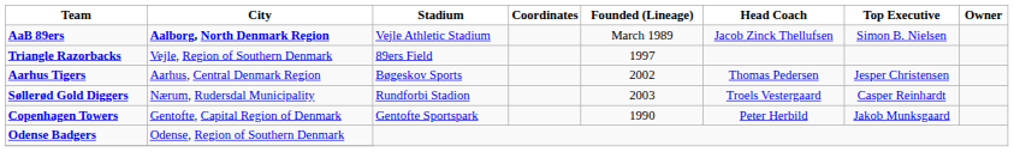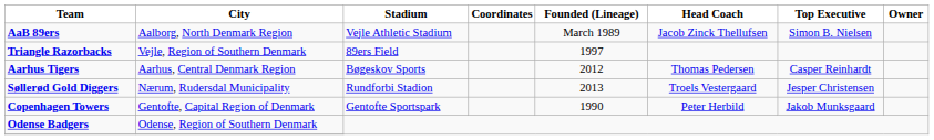 <table class="wikitable" style="width:100%; text-align:left">
 <tr>
 <th style="background:white;">Team</th>
 <th style="background:white;">City</th>
 <th style="background:white;">Stadium</th>
 <th style="background:white; width:50px">Coordinates</th>
 <th style="background:white;">Founded (Lineage)</th>
 <th style="background:white;">Head Coach</th>
 <th style="background:white;">Top Executive</th>
 <th style="background:white;">Owner</th>
 </tr>
 <tr>
 <td><strong><a href='#'>AaB 89ers</a></strong></td>
-<td><strong><a href='#'>Aalborg</a>, <a href='#'>North Denmark Region</a></strong></td>
+<td><a href='#'>Aalborg</a>, <a href='#'>North Denmark Region</a></td>
 <td><a href='#'>Vejle Athletic Stadium</a></td>
 <td></td>
 <td align=center>March 1989</td>
 <td align=center><a href='#'>Jacob Zinck Thellufsen</a></td>
 <td align=center><a href='#'>Simon B. Nielsen</a></td>
 <td></td>
 </tr>
 <tr>
 <td><strong><a href='#'>Triangle Razorbacks</a></strong></td>
 <td><a href='#'>Vejle</a>, <a href='#'>Region of Southern Denmark</a></td>
 <td><a href='#'>89ers Field</a></td>
 <td></td>
 <td align=center>1997</td>
 <td align=center></td>
 <td align=center></td>
 <td></td>
 </tr>
 <tr>
 <td><strong><a href='#'>Aarhus Tigers</a></strong></td>
 <td><a href='#'>Aarhus</a>, <a href='#'>Central Denmark Region</a></td>
 <td><a href='#'>Bøgeskov Sports</a></td>
 <td></td>
-<td align=center>2002</td>
+<td align=center>2012</td>
 <td align=center><a href='#'>Thomas Pedersen</a></td>
-<td align=center><a href='#'>Jesper Christensen</a></td>
+<td align=center><a href='#'>Casper Reinhardt</a></td>
 <td></td>
 </tr>
 <tr>
 <td><strong><a href='#'>Søllerød Gold Diggers</a></strong></td>
 <td><a href='#'>Nærum</a>, <a href='#'>Rudersdal Municipality</a></td>
 <td><a href='#'>Rundforbi Stadion</a></td>
 <td></td>
-<td align=center>2003</td>
+<td align=center>2013</td>
 <td align=center><a href='#'>Troels Vestergaard</a></td>
-<td align=center><a href='#'>Casper Reinhardt</a></td>
+<td align=center><a href='#'>Jesper Christensen</a></td>
 <td></td>
 </tr>
 <tr>
 <td><strong><a href='#'>Copenhagen Towers</a></strong></td>
 <td><a href='#'>Gentofte</a>, <a href='#'>Capital Region of Denmark</a></td>
 <td><a href='#'>Gentofte Sportspark</a></td>
 <td></td>
 <td align=center>1990</td>
 <td align=center><a href='#'>Peter Herbild</a></td>
 <td align=center><a href='#'>Jakob Munksgaard</a></td>
 <td></td>
 </tr>
 <tr>
 <td><strong><a href='#'>Odense Badgers</a></strong></td>
 <td><a href='#'>Odense</a>, <a href='#'>Region of Southern Denmark</a></td>
 </tr>
 <tr>
 </tr>
 </table>
